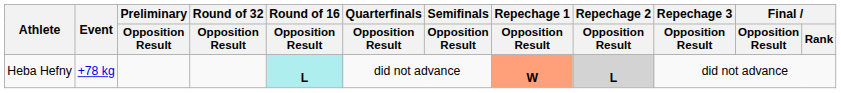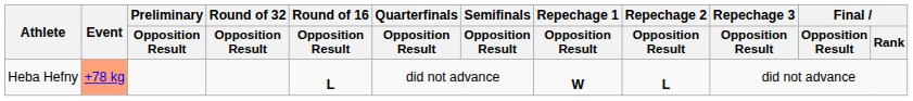 <table class="wikitable" style="font-size:90%">
 <tr>
 <th rowspan="2">Athlete</th>
 <th rowspan="2">Event</th>
 <th>Preliminary</th>
 <th>Round of 32</th>
 <th>Round of 16</th>
 <th>Quarterfinals</th>
 <th>Semifinals</th>
 <th>Repechage 1</th>
 <th>Repechage 2</th>
 <th>Repechage 3</th>
 <th colspan=2>Final / </th>
 </tr>
 <tr style="font-size:95%">
 <th>Opposition<br>Result</th>
 <th>Opposition<br>Result</th>
 <th>Opposition<br>Result</th>
 <th>Opposition<br>Result</th>
 <th>Opposition<br>Result</th>
 <th>Opposition<br>Result</th>
 <th>Opposition<br>Result</th>
 <th>Opposition<br>Result</th>
 <th>Opposition<br>Result</th>
 <th>Rank</th>
 </tr>
 <tr align=center>
 <td align=left>Heba Hefny</td>
-<td align=left><a href='#'>+78 kg</a></td>
+<td align=left style="background: lightsalmon;"><a href='#'>+78 kg</a></td>
 <td></td>
 <td></td>
-<td style="background: paleturquoise;"><br><strong>L</strong></td>
+<td><br><strong>L</strong></td>
 <td colspan=2>did not advance</td>
-<td style="background: lightsalmon;"><br><strong>W</strong></td>
-<td style="background: lightgrey;"><br><strong>L</strong></td>
+<td><br><strong>W</strong></td>
+<td><br><strong>L</strong></td>
 <td colspan=4>did not advance</td>
 </tr>
 </table>
